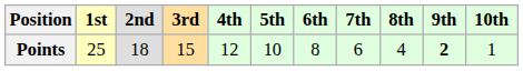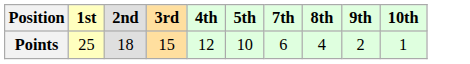 <table class="wikitable" style="font-size:85%; text-align:center">
 <tr>
 <th>Position</th>
 <td style="background:#ffffbf;”"> <strong>1st</strong> </td>
 <td style="background:#dfdfdf;”"> <strong>2nd</strong> </td>
 <td style="background:#ffdf9f;”"> <strong>3rd</strong> </td>
 <td style="background:#dfffdf;”"> <strong>4th</strong> </td>
 <td style="background:#dfffdf;”"> <strong>5th</strong> </td>
-<td style="background:#dfffdf;”"> <strong>6th</strong> </td>
 <td style="background:#dfffdf;”"> <strong>7th</strong> </td>
 <td style="background:#dfffdf;”"> <strong>8th</strong> </td>
 <td style="background:#dfffdf;”"> <strong>9th</strong> </td>
 <td style="background:#dfffdf;”"> <strong>10th</strong> </td>
 </tr>
 <tr>
 <th>Points</th>
 <td style="background:#ffffbf;”">25</td>
 <td style="background:#dfdfdf;”">18</td>
 <td style="background:#ffdf9f;”">15</td>
 <td style="background:#dfffdf;”">12</td>
 <td style="background:#dfffdf;”">10</td>
-<td style="background:#dfffdf;”">8</td>
 <td style="background:#dfffdf;”">6</td>
 <td style="background:#dfffdf;”">4</td>
-<td style="background:#dfffdf;”"><strong>2</strong></td>
+<td style="background:#dfffdf;”">2</td>
 <td style="background:#dfffdf;”">1</td>
 </tr>
 </table>
